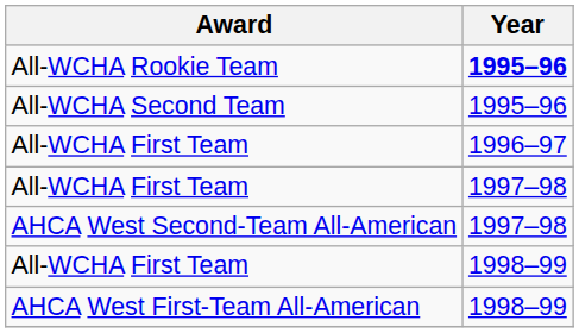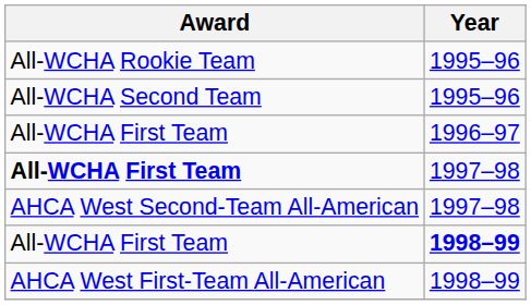 <table class="wikitable">
 <tr>
 <th>Award</th>
 <th>Year</th>
 </tr>
 <tr>
 <td>All-<a href='#'>WCHA</a> <a href='#'>Rookie Team</a></td>
-<td><strong><a href='#'>1995–96</a></strong></td>
+<td><a href='#'>1995–96</a></td>
 </tr>
 <tr>
 <td>All-<a href='#'>WCHA</a> <a href='#'>Second Team</a></td>
 <td><a href='#'>1995–96</a></td>
 </tr>
 <tr>
 <td>All-<a href='#'>WCHA</a> <a href='#'>First Team</a></td>
 <td><a href='#'>1996–97</a></td>
 </tr>
 <tr>
-<td>All-<a href='#'>WCHA</a> <a href='#'>First Team</a></td>
+<td><strong>All-<a href='#'>WCHA</a> <a href='#'>First Team</a></strong></td>
 <td><a href='#'>1997–98</a></td>
 </tr>
 <tr>
 <td><a href='#'>AHCA</a> <a href='#'>West Second-Team All-American</a></td>
 <td><a href='#'>1997–98</a></td>
 </tr>
 <tr>
 <td>All-<a href='#'>WCHA</a> <a href='#'>First Team</a></td>
-<td><a href='#'>1998–99</a></td>
+<td><strong><a href='#'>1998–99</a></strong></td>
 </tr>
 <tr>
 <td><a href='#'>AHCA</a> <a href='#'>West First-Team All-American</a></td>
 <td><a href='#'>1998–99</a></td>
 </tr>
 <tr>
 </tr>
 </table>
